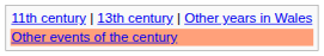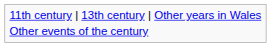 <table class="infobox" id="toc">
 <tr>
 <td align="left"><a href='#'>11th century</a> | <a href='#'>13th century</a> | <a href='#'>Other years in Wales</a></td>
 </tr>
 <tr>
-<td style="background: lightsalmon;"><a href='#'>Other events of the century</a></td>
+<td><a href='#'>Other events of the century</a></td>
 </tr>
 </table>
